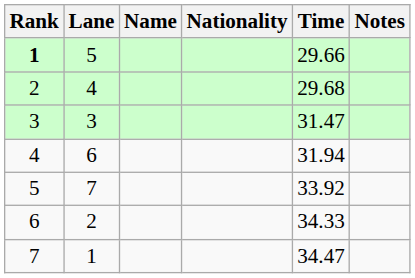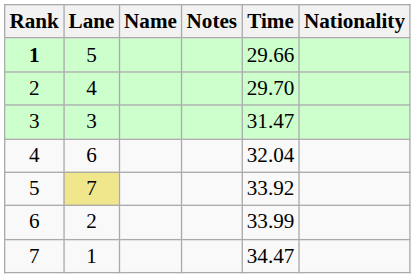 <table class="wikitable sortable" style="text-align:center">
 <tr>
 <th>Rank</th>
 <th>Lane</th>
 <th>Name</th>
+<th>Notes</th>
+<th>Time</th>
 <th>Nationality</th>
-<th>Time</th>
-<th>Notes</th>
 </tr>
 <tr bgcolor=ccffcc>
 <td><strong>1</strong></td>
 <td>5</td>
 <td align=left></td>
+<td><strong></strong></td>
+<td>29.66</td>
 <td align=left></td>
-<td>29.66</td>
-<td><strong></strong></td>
 </tr>
 <tr bgcolor=ccffcc>
 <td>2</td>
 <td>4</td>
 <td align=left></td>
+<td><strong></strong></td>
+<td>29.70</td>
 <td align=left></td>
-<td>29.68</td>
-<td><strong></strong></td>
 </tr>
 <tr bgcolor=ccffcc>
 <td>3</td>
 <td>3</td>
 <td align=left></td>
+<td><strong></strong></td>
+<td>31.47</td>
 <td align=left></td>
-<td>31.47</td>
-<td><strong></strong></td>
 </tr>
 <tr>
 <td>4</td>
 <td>6</td>
 <td align=left></td>
+<td></td>
+<td>32.04</td>
 <td align=left></td>
-<td>31.94</td>
-<td></td>
 </tr>
 <tr>
 <td>5</td>
-<td>7</td>
+<td style="background: khaki;">7</td>
 <td align=left></td>
+<td></td>
+<td>33.92</td>
 <td align=left></td>
-<td>33.92</td>
-<td></td>
 </tr>
 <tr>
 <td>6</td>
 <td>2</td>
 <td align=left></td>
+<td></td>
+<td>33.99</td>
 <td align=left></td>
-<td>34.33</td>
-<td></td>
 </tr>
 <tr>
 <td>7</td>
 <td>1</td>
 <td align=left></td>
+<td></td>
+<td>34.47</td>
 <td align=left></td>
-<td>34.47</td>
-<td></td>
 </tr>
 </table>
